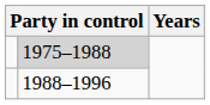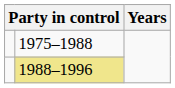 <table class="wikitable">
 <tr>
 <th colspan="2">Party in control</th>
 <th>Years</th>
 </tr>
 <tr>
 <td></td>
-<td style="background: lightgrey;">1975–1988</td>
+<td>1975–1988</td>
 </tr>
 <tr>
 <td></td>
-<td>1988–1996</td>
+<td style="background: khaki;">1988–1996</td>
 </tr>
 </table>
